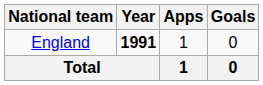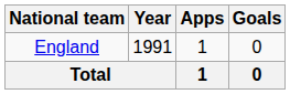 <table class=wikitable style="text-align: center">
 <tr>
 <th>National team</th>
 <th>Year</th>
 <th>Apps</th>
 <th>Goals</th>
 </tr>
 <tr>
 <td><a href='#'>England</a></td>
-<td><strong>1991</strong></td>
+<td>1991</td>
 <td>1</td>
 <td>0</td>
 </tr>
 <tr>
 <th colspan=2>Total</th>
 <th>1</th>
 <th>0</th>
 </tr>
 </table>
